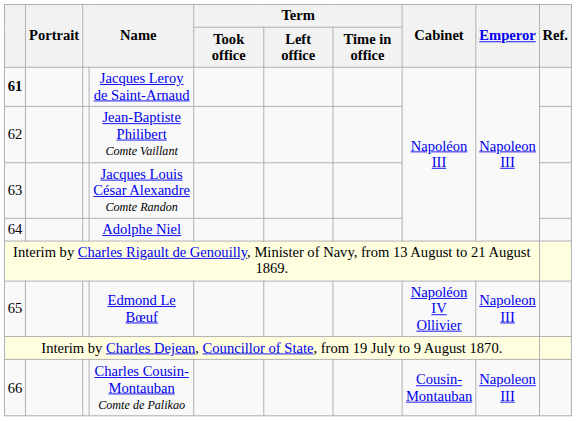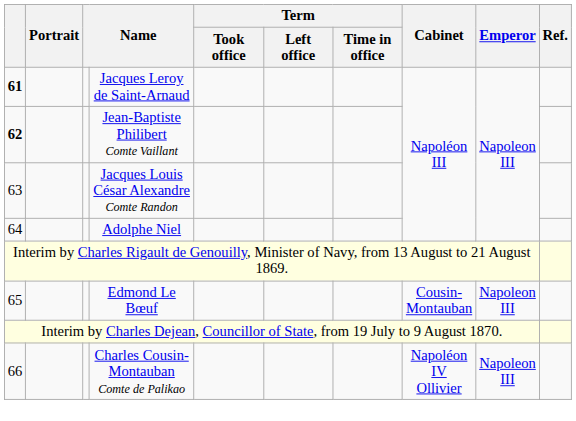 <table class="wikitable" style="text-align:center; width:100%">
 <tr>
 <th style="width:2%" rowspan=2></th>
 <th style="width:5%" rowspan=2>Portrait</th>
 <th style="width:20%" rowspan=2, colspan=2>Name</th>
 <th colspan=3>Term</th>
 <th style="width:13%" rowspan=2>Cabinet</th>
 <th rowspan=2><a href='#'>Emperor</a></th>
 <th style="width:2%" rowspan=2>Ref.</th>
 </tr>
 <tr>
 <th style="width:13%">Took office</th>
 <th style="width:13%">Left office</th>
 <th style="width:13%">Time in office</th>
 </tr>
 <tr>
 <td><strong>61</strong></td>
 <td></td>
 <td style="background:"></td>
 <td><a href='#'>Jacques Leroy<br>de Saint-Arnaud</a></td>
 <td></td>
 <td></td>
 <td></td>
 <td rowspan=4><a href='#'>Napoléon III</a></td>
 <td rowspan=4><a href='#'>Napoleon III</a></td>
 <td></td>
 </tr>
 <tr>
-<td>62</td>
+<td><strong>62</strong></td>
 <td></td>
 <td style="background:"></td>
 <td><a href='#'>Jean-Baptiste Philibert</a><br><small><em>Comte Vaillant</em></small></td>
 <td></td>
 <td></td>
 <td></td>
 <td></td>
 </tr>
 <tr>
 <td>63</td>
 <td></td>
 <td style="background:"></td>
 <td><a href='#'>Jacques Louis César Alexandre</a><br><small><em>Comte Randon</em></small></td>
 <td></td>
 <td></td>
 <td></td>
 <td></td>
 </tr>
 <tr>
 <td>64</td>
 <td></td>
 <td style="background:"></td>
 <td><a href='#'>Adolphe Niel</a></td>
 <td></td>
 <td></td>
 <td></td>
 <td></td>
 </tr>
 <tr bgcolor="lightyellow">
 <td colspan=9>Interim by <a href='#'>Charles Rigault de Genouilly</a>, Minister of Navy, from 13 August to 21 August 1869.</td>
 <td></td>
 </tr>
 <tr>
 <td>65</td>
 <td></td>
 <td style="background:"></td>
 <td><a href='#'>Edmond Le Bœuf</a></td>
 <td></td>
 <td></td>
 <td></td>
-<td><a href='#'>Napoléon IV</a><br><a href='#'>Ollivier</a></td>
+<td><a href='#'>Cousin-Montauban</a></td>
 <td><a href='#'>Napoleon III</a></td>
 <td></td>
 </tr>
 <tr bgcolor="lightyellow">
 <td colspan=9>Interim by <a href='#'>Charles Dejean</a>, <a href='#'>Councillor of State</a>, from 19 July to 9 August 1870.</td>
 <td></td>
 </tr>
 <tr>
 <td>66</td>
 <td></td>
 <td style="background:"></td>
 <td><a href='#'>Charles Cousin-Montauban</a><br><small><em>Comte de Palikao</em></small></td>
 <td></td>
 <td></td>
 <td></td>
-<td><a href='#'>Cousin-Montauban</a></td>
+<td><a href='#'>Napoléon IV</a><br><a href='#'>Ollivier</a></td>
 <td><a href='#'>Napoleon III</a></td>
 <td></td>
 </tr>
 </table>
